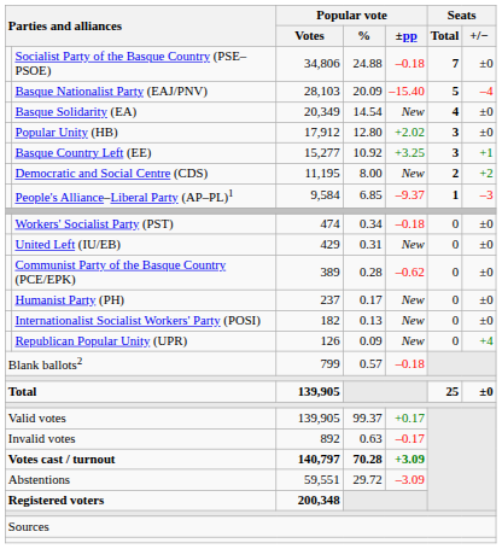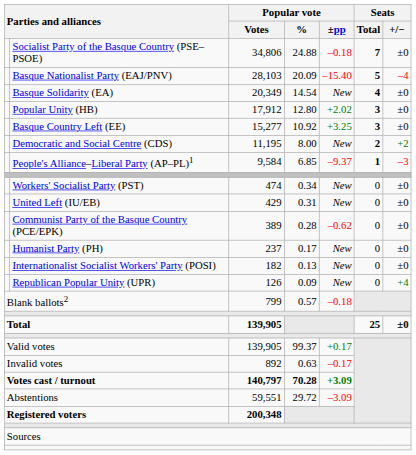 <table class="wikitable" style="text-align:right;">
 <tr>
 <th style="text-align:left;" rowspan="2" colspan="2" width="525">Parties and alliances</th>
 <th colspan="3">Popular vote</th>
 <th colspan="2">Seats</th>
 </tr>
 <tr>
 <th width="75">Votes</th>
 <th width="45">%</th>
 <th width="45">±<a href='#'>pp</a></th>
 <th width="35">Total</th>
 <th width="35">+/−</th>
 </tr>
 <tr>
 <td width="1" style="color:inherit;background:"></td>
 <td align="left"><a href='#'>Socialist Party of the Basque Country</a> (PSE–PSOE)</td>
 <td>34,806</td>
 <td>24.88</td>
 <td style="color:red;">–0.18</td>
 <td><strong>7</strong></td>
 <td>±0</td>
 </tr>
 <tr>
 <td style="color:inherit;background:"></td>
 <td align="left"><a href='#'>Basque Nationalist Party</a> (EAJ/PNV)</td>
 <td>28,103</td>
 <td>20.09</td>
 <td style="color:red;">–15.40</td>
 <td><strong>5</strong></td>
 <td style="color:red;">–4</td>
 </tr>
 <tr>
 <td style="color:inherit;background:"></td>
 <td align="left"><a href='#'>Basque Solidarity</a> (EA)</td>
 <td>20,349</td>
 <td>14.54</td>
 <td><em>New</em></td>
 <td><strong>4</strong></td>
 <td>±0</td>
 </tr>
 <tr>
 <td style="color:inherit;background:"></td>
 <td align="left"><a href='#'>Popular Unity</a> (HB)</td>
 <td>17,912</td>
 <td>12.80</td>
 <td style="color:green;">+2.02</td>
 <td><strong>3</strong></td>
 <td>±0</td>
 </tr>
 <tr>
 <td style="color:inherit;background:"></td>
 <td align="left"><a href='#'>Basque Country Left</a> (EE)</td>
 <td>15,277</td>
 <td>10.92</td>
 <td style="color:green;">+3.25</td>
 <td><strong>3</strong></td>
-<td style="color:green;">+1</td>
+<td>±0</td>
 </tr>
 <tr>
 <td style="color:inherit;background:"></td>
 <td align="left"><a href='#'>Democratic and Social Centre</a> (CDS)</td>
 <td>11,195</td>
 <td>8.00</td>
 <td><em>New</em></td>
 <td><strong>2</strong></td>
 <td style="color:green;">+2</td>
 </tr>
 <tr>
 <td style="color:inherit;background:"></td>
 <td align="left"><a href='#'>People's Alliance</a>–<a href='#'>Liberal Party</a> (AP–PL)<sup>1</sup></td>
 <td>9,584</td>
 <td>6.85</td>
 <td style="color:red;">–9.37</td>
 <td><strong>1</strong></td>
 <td style="color:red;">–3</td>
 </tr>
 <tr>
 <td colspan="7" bgcolor="#C0C0C0"></td>
 </tr>
 <tr>
 <td style="color:inherit;background:"></td>
 <td align="left"><a href='#'>Workers' Socialist Party</a> (PST)</td>
 <td>474</td>
 <td>0.34</td>
-<td style="color:red;">–0.18</td>
+<td><em>New</em></td>
 <td>0</td>
 <td>±0</td>
 </tr>
 <tr>
 <td style="color:inherit;background:"></td>
 <td align="left"><a href='#'>United Left</a> (IU/EB)</td>
 <td>429</td>
 <td>0.31</td>
 <td><em>New</em></td>
 <td>0</td>
 <td>±0</td>
 </tr>
 <tr>
 <td style="color:inherit;background:"></td>
 <td align="left"><a href='#'>Communist Party of the Basque Country</a> (PCE/EPK)</td>
 <td>389</td>
 <td>0.28</td>
 <td style="color:red;">–0.62</td>
 <td>0</td>
 <td>±0</td>
 </tr>
 <tr>
 <td style="color:inherit;background:"></td>
 <td align="left"><a href='#'>Humanist Party</a> (PH)</td>
 <td>237</td>
 <td>0.17</td>
 <td><em>New</em></td>
 <td>0</td>
 <td>±0</td>
 </tr>
 <tr>
 <td style="color:inherit;background:"></td>
 <td align="left"><a href='#'>Internationalist Socialist Workers' Party</a> (POSI)</td>
 <td>182</td>
 <td>0.13</td>
 <td><em>New</em></td>
 <td>0</td>
 <td>±0</td>
 </tr>
 <tr>
 <td style="color:inherit;background:"></td>
 <td align="left"><a href='#'>Republican Popular Unity</a> (UPR)</td>
 <td>126</td>
 <td>0.09</td>
 <td><em>New</em></td>
 <td>0</td>
 <td style="color:green;">+4</td>
 </tr>
 <tr>
 <td align="left" colspan="2">Blank ballots<sup>2</sup></td>
 <td>799</td>
 <td>0.57</td>
 <td style="color:red;">–0.18</td>
 <td bgcolor="#E9E9E9" colspan="2"></td>
 </tr>
 <tr>
 <td colspan="7" bgcolor="#E9E9E9"></td>
 </tr>
 <tr style="font-weight:bold;">
 <td align="left" colspan="2">Total</td>
 <td>139,905</td>
 <td bgcolor="#E9E9E9" colspan="2"></td>
 <td>25</td>
 <td>±0</td>
 </tr>
 <tr>
 <td colspan="7" bgcolor="#E9E9E9"></td>
 </tr>
 <tr>
 <td align="left" colspan="2">Valid votes</td>
 <td>139,905</td>
 <td>99.37</td>
 <td style="color:green;">+0.17</td>
 <td bgcolor="#E9E9E9" colspan="2" rowspan="5"></td>
 </tr>
 <tr>
 <td align="left" colspan="2">Invalid votes</td>
 <td>892</td>
 <td>0.63</td>
 <td style="color:red;">–0.17</td>
 </tr>
 <tr style="font-weight:bold;">
 <td align="left" colspan="2">Votes cast / turnout</td>
 <td>140,797</td>
 <td>70.28</td>
 <td style="color:green;">+3.09</td>
 </tr>
 <tr>
 <td align="left" colspan="2">Abstentions</td>
 <td>59,551</td>
 <td>29.72</td>
 <td style="color:red;">–3.09</td>
 </tr>
 <tr style="font-weight:bold;">
 <td align="left" colspan="2">Registered voters</td>
 <td>200,348</td>
 <td bgcolor="#E9E9E9" colspan="2"></td>
 </tr>
 <tr>
 <td colspan="7" bgcolor="#E9E9E9"></td>
 </tr>
 <tr>
 <td align="left" colspan="7">Sources</td>
 </tr>
 <tr>
 <td colspan="7" style="text-align:left; max-width:790px;"></td>
 </tr>
 </table>
